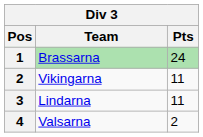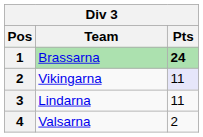 <table class="wikitable">
 <tr>
 <th colspan="3">Div 3</th>
 </tr>
 <tr>
 <th width=20>Pos</th>
 <th width=150>Team</th>
 <th width=30>Pts</th>
 </tr>
 <tr style="background:#ACE1AF;">
 <th>1</th>
 <td><a href='#'>Brassarna</a></td>
-<td>24</td>
+<td><strong>24</strong></td>
 </tr>
 <tr>
 <th>2</th>
 <td><a href='#'>Vikingarna</a></td>
-<td>11</td>
+<td style="background: lavender;">11</td>
 </tr>
 <tr>
 <th>3</th>
 <td><a href='#'>Lindarna</a></td>
 <td>11</td>
 </tr>
 <tr>
 <th>4</th>
 <td><a href='#'>Valsarna</a></td>
 <td>2</td>
 </tr>
 </table>
